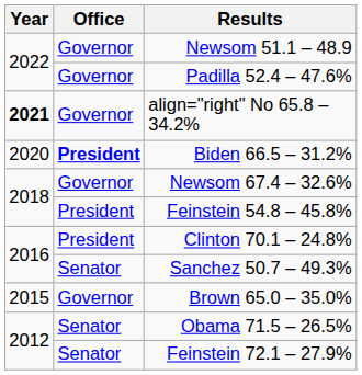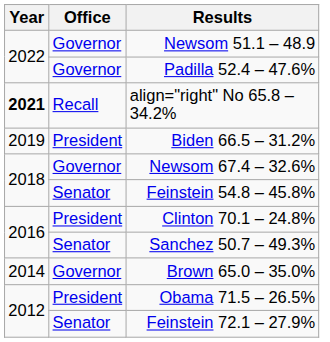 <table class=wikitable>
 <tr>
 <th width="30">Year</th>
 <th width="60">Office</th>
 <th width="180">Results</th>
 </tr>
 <tr>
 <td rowspan="2">2022</td>
 <td><a href='#'>Governor</a></td>
 <td align="right" ><a href='#'>Newsom</a> 51.1 – 48.9</td>
 </tr>
 <tr>
 <td><a href='#'>Governor</a></td>
 <td align="right" ><a href='#'>Padilla</a> 52.4 – 47.6%</td>
 </tr>
 <tr>
 <td><strong>2021</strong></td>
-<td><a href='#'>Governor</a></td>
+<td><a href='#'>Recall</a></td>
 <td>align="right"  No 65.8 – 34.2%</td>
 </tr>
 <tr>
-<td>2020</td>
-<td><strong><a href='#'>President</a></strong></td>
+<td>2019</td>
+<td><a href='#'>President</a></td>
 <td align="right" ><a href='#'>Biden</a> 66.5 – 31.2%</td>
 </tr>
 <tr>
 <td rowspan="2">2018</td>
 <td><a href='#'>Governor</a></td>
 <td align="right" ><a href='#'>Newsom</a> 67.4 – 32.6%</td>
 </tr>
 <tr>
-<td><a href='#'>President</a></td>
+<td><a href='#'>Senator</a></td>
 <td align="right" ><a href='#'>Feinstein</a> 54.8 – 45.8%</td>
 </tr>
 <tr>
 <td rowspan="2">2016</td>
 <td><a href='#'>President</a></td>
 <td align="right" ><a href='#'>Clinton</a> 70.1 – 24.8%</td>
 </tr>
 <tr>
 <td><a href='#'>Senator</a></td>
 <td align="right" ><a href='#'>Sanchez</a> 50.7 – 49.3%</td>
 </tr>
 <tr>
-<td>2015</td>
+<td>2014</td>
 <td><a href='#'>Governor</a></td>
 <td align="right" ><a href='#'>Brown</a> 65.0 – 35.0%</td>
 </tr>
 <tr>
 <td rowspan="2">2012</td>
-<td><a href='#'>Senator</a></td>
+<td><a href='#'>President</a></td>
 <td align="right" ><a href='#'>Obama</a> 71.5 – 26.5%</td>
 </tr>
 <tr>
 <td><a href='#'>Senator</a></td>
 <td align="right" ><a href='#'>Feinstein</a> 72.1 – 27.9%</td>
 </tr>
 </table>
